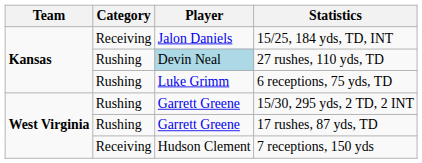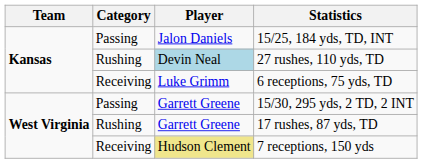 <table class="wikitable" style="float: right;">
 <tr>
 <th>Team</th>
 <th>Category</th>
 <th>Player</th>
 <th>Statistics</th>
 </tr>
 <tr>
 <td rowspan=3><strong>Kansas</strong></td>
-<td>Receiving</td>
+<td>Passing</td>
 <td><a href='#'>Jalon Daniels</a></td>
 <td>15/25, 184 yds, TD, INT</td>
 </tr>
 <tr>
 <td>Rushing</td>
 <td style="background: lightblue;">Devin Neal</td>
 <td>27 rushes, 110 yds, TD</td>
 </tr>
 <tr>
-<td>Rushing</td>
+<td>Receiving</td>
 <td><a href='#'>Luke Grimm</a></td>
 <td>6 receptions, 75 yds, TD</td>
 </tr>
 <tr>
 <td rowspan=3><strong>West Virginia</strong></td>
-<td>Rushing</td>
+<td>Passing</td>
 <td><a href='#'>Garrett Greene</a></td>
 <td>15/30, 295 yds, 2 TD, 2 INT</td>
 </tr>
 <tr>
 <td>Rushing</td>
 <td><a href='#'>Garrett Greene</a></td>
 <td>17 rushes, 87 yds, TD</td>
 </tr>
 <tr>
 <td>Receiving</td>
-<td>Hudson Clement</td>
+<td style="background: khaki;">Hudson Clement</td>
 <td>7 receptions, 150 yds</td>
 </tr>
 </table>
